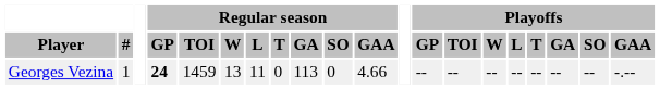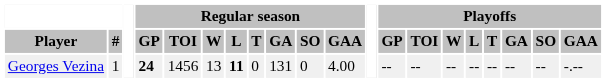 <table BORDER="0" CELLPADDING="3" CELLSPACING="2" ID="Table1">
 <tr ALIGN="center" bgcolor="#c0c0c0">
 <th ALIGN="center" colspan="2" bgcolor="#ffffff"> </th>
 <th ALIGN="center" rowspan="99" bgcolor="#ffffff"> </th>
 <th ALIGN="center" colspan="8">Regular season</th>
 <th ALIGN="center" rowspan="99" bgcolor="#ffffff"> </th>
 <th ALIGN="center" colspan="8">Playoffs</th>
 </tr>
 <tr ALIGN="center" bgcolor="#c0c0c0">
 <th ALIGN="center">Player</th>
 <th ALIGN="center">#</th>
 <th ALIGN="center">GP</th>
 <th ALIGN="center">TOI</th>
 <th ALIGN="center">W</th>
 <th ALIGN="center">L</th>
 <th ALIGN="center">T</th>
 <th ALIGN="center">GA</th>
 <th ALIGN="center">SO</th>
 <th ALIGN="center">GAA</th>
 <th ALIGN="center">GP</th>
 <th ALIGN="center">TOI</th>
 <th ALIGN="center">W</th>
 <th ALIGN="center">L</th>
 <th ALIGN="center'">T</th>
 <th ALIGN="center">GA</th>
 <th ALIGN="center">SO</th>
 <th ALIGN="center">GAA</th>
 </tr>
 <tr bgcolor="#f0f0f0">
 <td><a href='#'>Georges Vezina</a></td>
 <td>1</td>
 <td><strong>24</strong></td>
-<td>1459</td>
+<td>1456</td>
 <td>13</td>
-<td>11</td>
+<td><strong>11</strong></td>
 <td>0</td>
-<td>113</td>
+<td>131</td>
 <td>0</td>
-<td>4.66</td>
+<td>4.00</td>
 <td>--</td>
 <td>--</td>
 <td>--</td>
 <td>--</td>
 <td>--</td>
 <td>--</td>
 <td>--</td>
 <td>-.--</td>
 </tr>
 </table>
